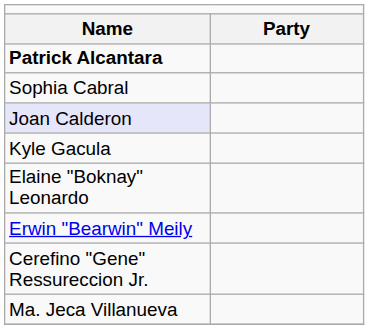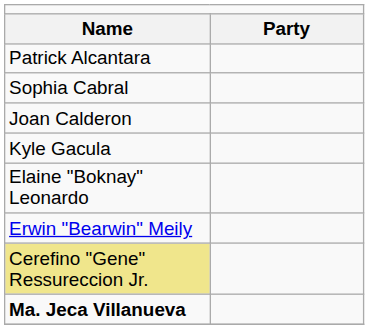 <table class=wikitable style="font-size:90%">
 <tr>
 <td colspan=4 bgcolor=></td>
 </tr>
 <tr>
 <th width=150px>Name</th>
 <th colspan=2 width=110px>Party</th>
 </tr>
 <tr>
-<td><strong>Patrick Alcantara</strong></td>
+<td>Patrick Alcantara</td>
 <td></td>
 </tr>
 <tr>
 <td>Sophia Cabral</td>
 <td></td>
 </tr>
 <tr>
-<td style="background: lavender;">Joan Calderon</td>
+<td>Joan Calderon</td>
 <td></td>
 </tr>
 <tr>
 <td>Kyle Gacula</td>
 <td></td>
 </tr>
 <tr>
 <td>Elaine "Boknay" Leonardo</td>
 <td></td>
 </tr>
 <tr>
 <td><a href='#'>Erwin "Bearwin" Meily</a></td>
 <td></td>
 </tr>
 <tr>
-<td>Cerefino "Gene" Ressureccion Jr.</td>
+<td style="background: khaki;">Cerefino "Gene" Ressureccion Jr.</td>
 <td></td>
 </tr>
 <tr>
-<td>Ma. Jeca Villanueva</td>
+<td><strong>Ma. Jeca Villanueva</strong></td>
 <td></td>
 </tr>
 <tr>
 </tr>
 </table>
